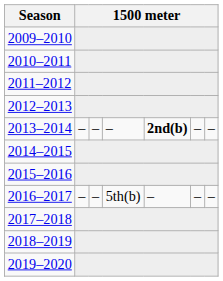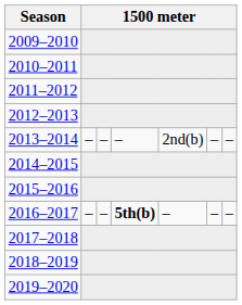 <table class="wikitable" style="display: inline-table;">
 <tr>
 <th>Season</th>
 <th colspan="6">1500 meter</th>
 </tr>
 <tr>
 <td><a href='#'>2009–2010</a></td>
 <td colspan="6" bgcolor=#EEEEEE></td>
 </tr>
 <tr>
 <td><a href='#'>2010–2011</a></td>
 <td colspan="6" bgcolor=#EEEEEE></td>
 </tr>
 <tr>
 <td><a href='#'>2011–2012</a></td>
 <td colspan="6" bgcolor=#EEEEEE></td>
 </tr>
 <tr>
 <td><a href='#'>2012–2013</a></td>
 <td colspan="6" bgcolor=#EEEEEE></td>
 </tr>
 <tr>
 <td><a href='#'>2013–2014</a></td>
 <td>–</td>
 <td>–</td>
 <td>–</td>
-<td><strong>2nd(b)</strong></td>
+<td>2nd(b)</td>
 <td>–</td>
 <td>–</td>
 </tr>
 <tr>
 <td><a href='#'>2014–2015</a></td>
 <td colspan="6" bgcolor=#EEEEEE></td>
 </tr>
 <tr>
 <td><a href='#'>2015–2016</a></td>
 <td colspan="6" bgcolor=#EEEEEE></td>
 </tr>
 <tr>
 <td><a href='#'>2016–2017</a></td>
 <td>–</td>
 <td>–</td>
-<td>5th(b)</td>
+<td><strong>5th(b)</strong></td>
 <td>–</td>
 <td>–</td>
 <td>–</td>
 </tr>
 <tr>
 <td><a href='#'>2017–2018</a></td>
 <td colspan="6" bgcolor=#EEEEEE></td>
 </tr>
 <tr>
 <td><a href='#'>2018–2019</a></td>
 <td colspan="6" bgcolor=#EEEEEE></td>
 </tr>
 <tr>
 <td><a href='#'>2019–2020</a></td>
 <td colspan="6" bgcolor=#EEEEEE></td>
 </tr>
 </table>
